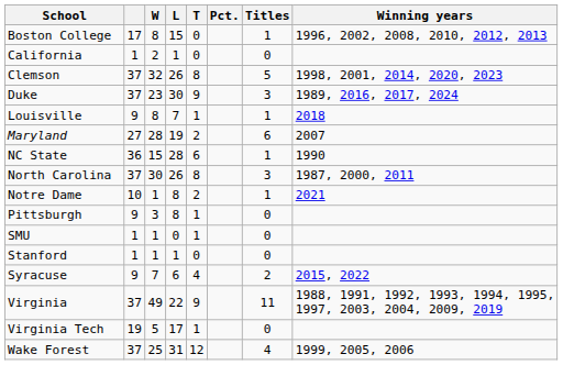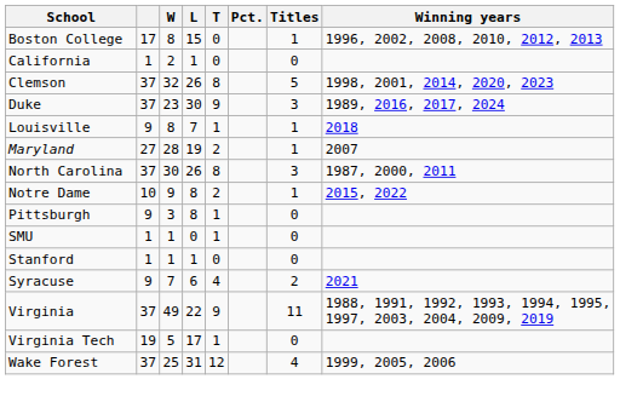 <table class="wikitable sortable"; style= "text-align:center">
 <tr>
 <th width=120px>School</th>
 <th width=px></th>
 <th width=px>W</th>
 <th width=px>L</th>
 <th width=px>T</th>
 <th width=px>Pct.</th>
 <th width=px>Titles</th>
 <th width=px>Winning years</th>
 </tr>
 <tr>
 <td align=left>Boston College</td>
 <td>17</td>
 <td>8</td>
 <td>15</td>
 <td>0</td>
 <td></td>
 <td>1</td>
 <td align=left>1996, 2002, 2008, 2010, <a href='#'>2012</a>, <a href='#'>2013</a></td>
 </tr>
 <tr>
 <td align=left>California</td>
 <td>1</td>
 <td>2</td>
 <td>1</td>
 <td>0</td>
 <td></td>
 <td>0</td>
 <td align=left></td>
 </tr>
 <tr>
 <td align=left>Clemson</td>
 <td>37</td>
 <td>32</td>
 <td>26</td>
 <td>8</td>
 <td></td>
 <td>5</td>
 <td align=left>1998, 2001, <a href='#'>2014</a>, <a href='#'>2020</a>, <a href='#'>2023</a></td>
 </tr>
 <tr>
 <td align=left>Duke</td>
 <td>37</td>
 <td>23</td>
 <td>30</td>
 <td>9</td>
 <td></td>
 <td>3</td>
 <td align=left>1989, <a href='#'>2016</a>, <a href='#'>2017</a>, <a href='#'>2024</a></td>
 </tr>
 <tr>
 <td align=left>Louisville</td>
 <td>9</td>
 <td>8</td>
 <td>7</td>
 <td>1</td>
 <td></td>
 <td>1</td>
 <td align=left><a href='#'>2018</a></td>
 </tr>
 <tr>
 <td align=left><em>Maryland</em></td>
 <td>27</td>
 <td>28</td>
 <td>19</td>
 <td>2</td>
 <td></td>
-<td>6</td>
+<td>1</td>
 <td align=left>2007</td>
-</tr>
-<tr>
-<td align=left>NC State</td>
-<td>36</td>
-<td>15</td>
-<td>28</td>
-<td>6</td>
-<td></td>
-<td>1</td>
-<td align=left>1990</td>
 </tr>
 <tr>
 <td align=left>North Carolina</td>
 <td>37</td>
 <td>30</td>
 <td>26</td>
 <td>8</td>
 <td></td>
 <td>3</td>
 <td align=left>1987, 2000, <a href='#'>2011</a></td>
 </tr>
 <tr>
 <td align=left>Notre Dame</td>
 <td>10</td>
-<td>1</td>
+<td>9</td>
 <td>8</td>
 <td>2</td>
 <td></td>
 <td>1</td>
-<td align=left><a href='#'>2021</a></td>
+<td align=left><a href='#'>2015</a>, <a href='#'>2022</a></td>
 </tr>
 <tr>
 <td align=left>Pittsburgh</td>
 <td>9</td>
 <td>3</td>
 <td>8</td>
 <td>1</td>
 <td></td>
 <td>0</td>
 <td align=left></td>
 </tr>
 <tr>
 <td align=left>SMU</td>
 <td>1</td>
 <td>1</td>
 <td>0</td>
 <td>1</td>
 <td></td>
 <td>0</td>
 <td align=left></td>
 </tr>
 <tr>
 <td align=left>Stanford</td>
 <td>1</td>
 <td>1</td>
 <td>1</td>
 <td>0</td>
 <td></td>
 <td>0</td>
 <td align=left></td>
 </tr>
 <tr>
 <td align=left>Syracuse</td>
 <td>9</td>
 <td>7</td>
 <td>6</td>
 <td>4</td>
 <td></td>
 <td>2</td>
-<td align=left><a href='#'>2015</a>, <a href='#'>2022</a></td>
+<td align=left><a href='#'>2021</a></td>
 </tr>
 <tr>
 <td align=left>Virginia</td>
 <td>37</td>
 <td>49</td>
 <td>22</td>
 <td>9</td>
 <td></td>
 <td>11</td>
 <td align=left>1988, 1991, 1992, 1993, 1994, 1995,<br>1997, 2003, 2004, 2009, <a href='#'>2019</a></td>
 </tr>
 <tr>
 <td align=left>Virginia Tech</td>
 <td>19</td>
 <td>5</td>
 <td>17</td>
 <td>1</td>
 <td></td>
 <td>0</td>
 <td align=left></td>
 </tr>
 <tr>
 <td align=left>Wake Forest</td>
 <td>37</td>
 <td>25</td>
 <td>31</td>
 <td>12</td>
 <td></td>
 <td>4</td>
 <td align=left>1999, 2005, 2006</td>
 </tr>
 </table>
